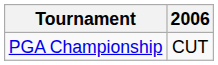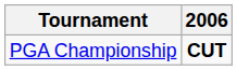 <table class="wikitable" style="font-size:95%;">
 <tr>
 <th>Tournament</th>
 <th>2006</th>
 </tr>
 <tr>
 <td><a href='#'>PGA Championship</a></td>
-<td align="center">CUT</td>
+<td align="center"><strong>CUT</strong></td>
 </tr>
 </table>
